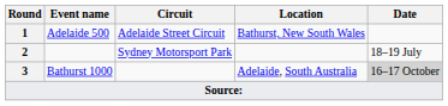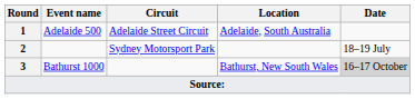 <table class="wikitable" style="font-size: 85%">
 <tr>
 <th>Round</th>
 <th>Event name</th>
 <th>Circuit</th>
 <th>Location</th>
 <th>Date</th>
 </tr>
 <tr>
 <th>1</th>
 <td><a href='#'>Adelaide 500</a></td>
 <td> <a href='#'>Adelaide Street Circuit</a></td>
-<td><a href='#'>Bathurst, New South Wales</a></td>
+<td><a href='#'>Adelaide</a>, <a href='#'>South Australia</a></td>
 <td></td>
 </tr>
 <tr>
 <th>2</th>
 <td></td>
 <td> <a href='#'>Sydney Motorsport Park</a></td>
 <td></td>
 <td>18–19 July</td>
 </tr>
 <tr>
 <th>3</th>
 <td><a href='#'>Bathurst 1000</a></td>
 <td></td>
-<td><a href='#'>Adelaide</a>, <a href='#'>South Australia</a></td>
+<td><a href='#'>Bathurst, New South Wales</a></td>
 <td style="background: lightgrey;">16–17 October</td>
 </tr>
 <tr>
 <td colspan="5" style="background:#eaecf0; text-align:center;"><strong>Source:</strong></td>
 </tr>
 </table>
